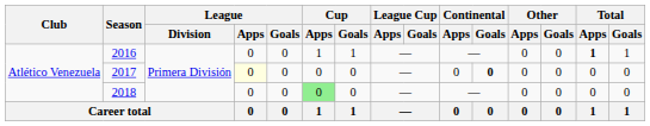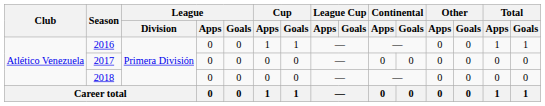 <table class="wikitable" style="text-align:center">
 <tr>
 <th rowspan="2">Club</th>
 <th rowspan="2">Season</th>
 <th colspan="3">League</th>
 <th colspan="2">Cup</th>
 <th colspan="2">League Cup</th>
 <th colspan="2">Continental</th>
 <th colspan="2">Other</th>
 <th colspan="2">Total</th>
 </tr>
 <tr>
 <th>Division</th>
 <th>Apps</th>
 <th>Goals</th>
 <th>Apps</th>
 <th>Goals</th>
 <th>Apps</th>
 <th>Goals</th>
 <th>Apps</th>
 <th>Goals</th>
 <th>Apps</th>
 <th>Goals</th>
 <th>Apps</th>
 <th>Goals</th>
 </tr>
 <tr>
 <td rowspan="3"><a href='#'>Atlético Venezuela</a></td>
 <td><a href='#'>2016</a></td>
 <td rowspan="3"><a href='#'>Primera División</a></td>
 <td>0</td>
 <td>0</td>
 <td>1</td>
 <td>1</td>
 <td colspan="2">—</td>
 <td colspan="2">—</td>
 <td>0</td>
 <td>0</td>
-<td><strong>1</strong></td>
+<td>1</td>
 <td>1</td>
 </tr>
 <tr>
 <td><a href='#'>2017</a></td>
-<td style="background: lightyellow;">0</td>
+<td>0</td>
 <td>0</td>
 <td>0</td>
 <td>0</td>
 <td colspan="2">—</td>
 <td>0</td>
-<td><strong>0</strong></td>
+<td>0</td>
 <td>0</td>
 <td>0</td>
 <td>0</td>
 <td>0</td>
 </tr>
 <tr>
 <td><a href='#'>2018</a></td>
 <td>0</td>
 <td>0</td>
-<td style="background: lightgreen;">0</td>
+<td>0</td>
 <td>0</td>
 <td colspan="2">—</td>
 <td colspan="2">—</td>
 <td>0</td>
 <td>0</td>
 <td>0</td>
 <td>0</td>
 </tr>
 <tr>
 <th colspan="3">Career total</th>
 <th>0</th>
 <th>0</th>
 <th>1</th>
 <th>1</th>
 <th colspan="2">—</th>
 <th>0</th>
 <th>0</th>
 <th>0</th>
 <th>0</th>
 <th>1</th>
 <th>1</th>
 </tr>
 </table>
